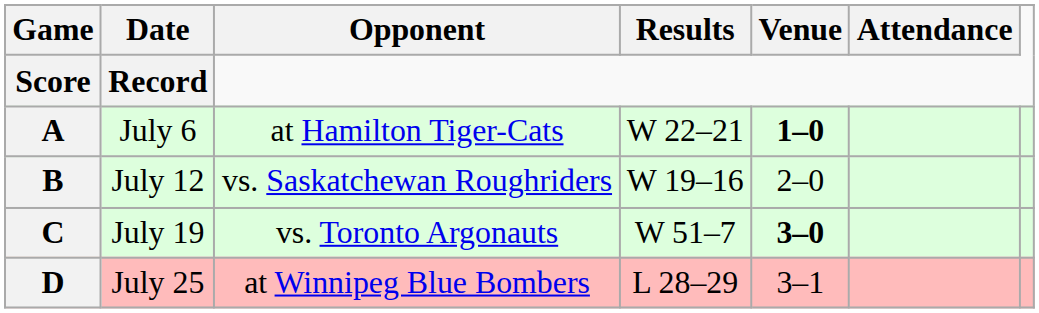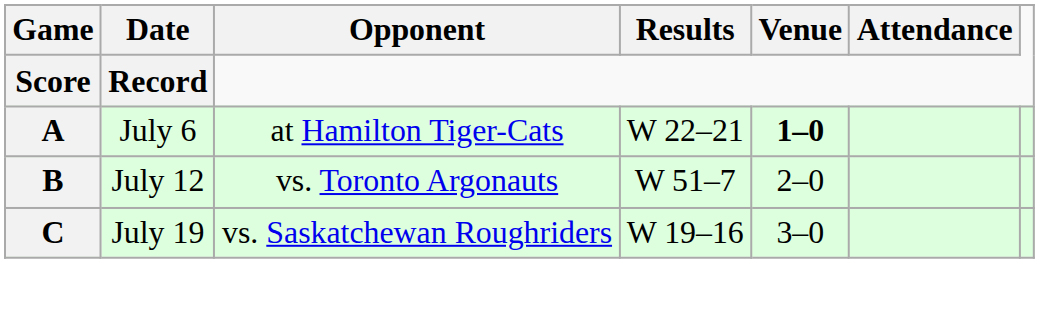 <table class="wikitable" style="text-align:center">
 <tr>
 <th>Game</th>
 <th>Date</th>
 <th>Opponent</th>
 <th>Results</th>
 <th>Venue</th>
 <th>Attendance</th>
 </tr>
 <tr>
 <th>Score</th>
 <th>Record</th>
 </tr>
 <tr style="background:#ddffdd">
 <th>A</th>
 <td>July 6</td>
 <td>at <a href='#'>Hamilton Tiger-Cats</a></td>
 <td>W 22–21</td>
 <td><strong>1–0</strong></td>
 <td></td>
 <td></td>
 </tr>
 <tr style="background:#ddffdd">
 <th>B</th>
 <td>July 12</td>
-<td>vs. <a href='#'>Saskatchewan Roughriders</a></td>
-<td>W 19–16</td>
+<td>vs. <a href='#'>Toronto Argonauts</a></td>
+<td>W 51–7</td>
 <td>2–0</td>
 <td></td>
 <td></td>
 </tr>
 <tr style="background:#ddffdd">
 <th>C</th>
 <td>July 19</td>
-<td>vs. <a href='#'>Toronto Argonauts</a></td>
-<td>W 51–7</td>
-<td><strong>3–0</strong></td>
-<td></td>
-<td></td>
-</tr>
-<tr style="background:#ffbbbb">
-<th>D</th>
-<td>July 25</td>
-<td>at <a href='#'>Winnipeg Blue Bombers</a></td>
-<td>L 28–29</td>
-<td>3–1</td>
+<td>vs. <a href='#'>Saskatchewan Roughriders</a></td>
+<td>W 19–16</td>
+<td>3–0</td>
 <td></td>
 <td></td>
 </tr>
 </table>
